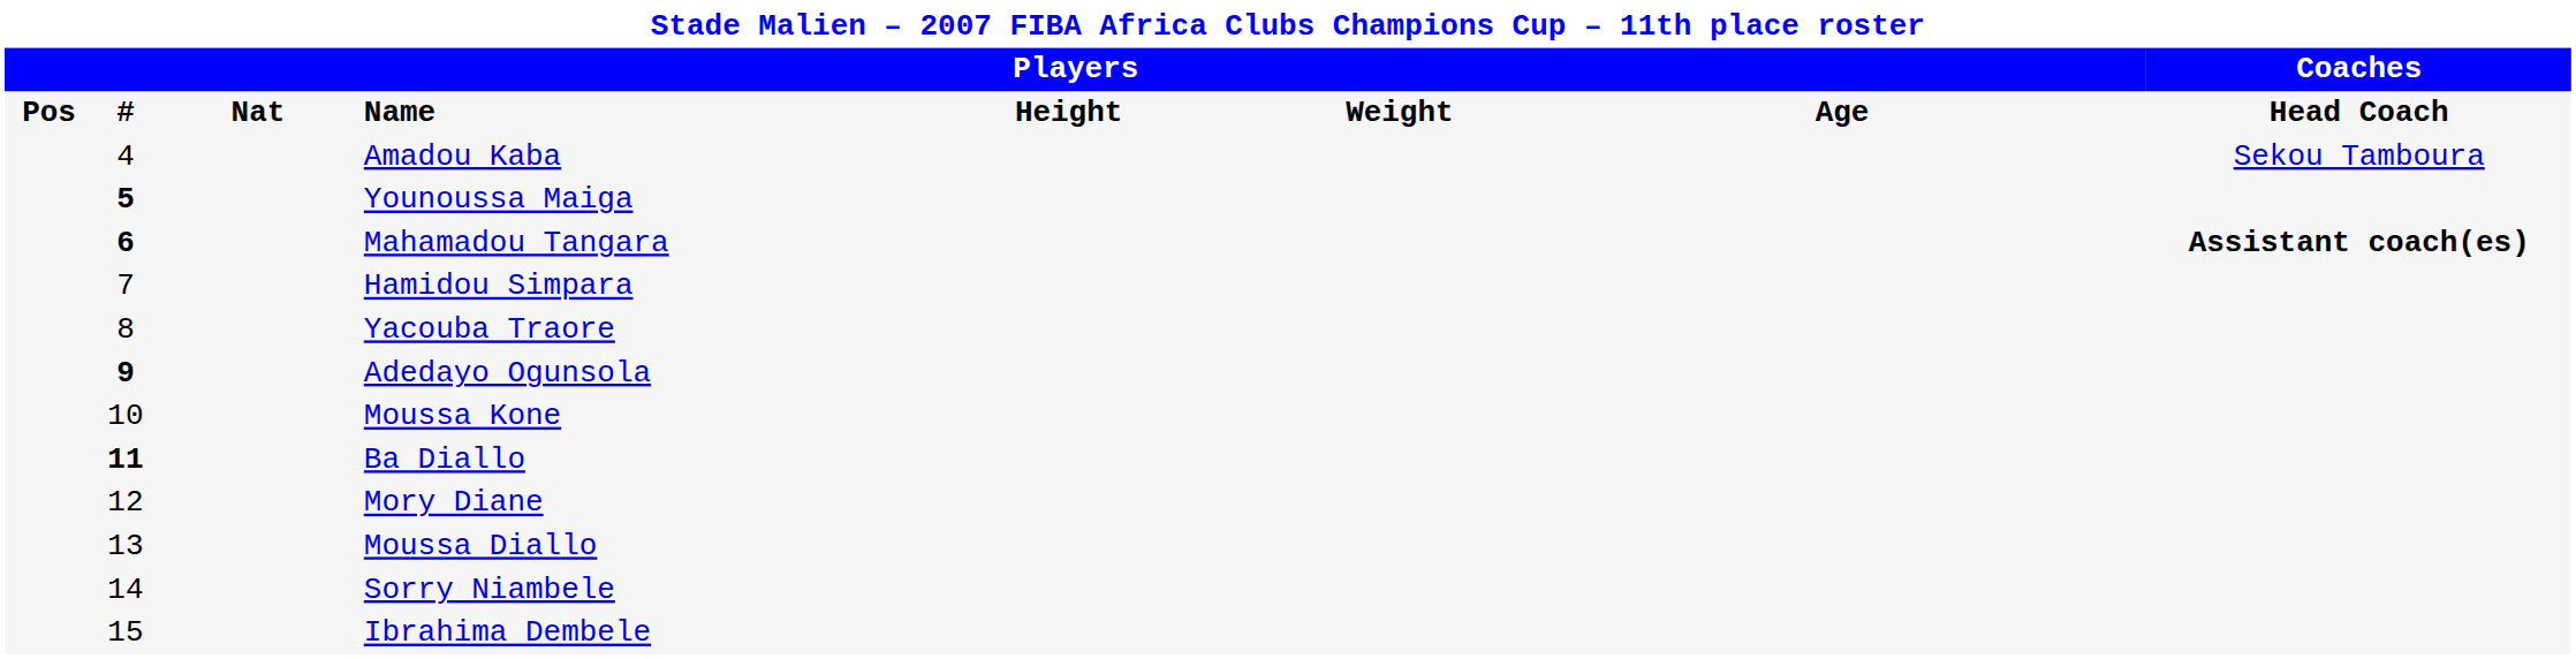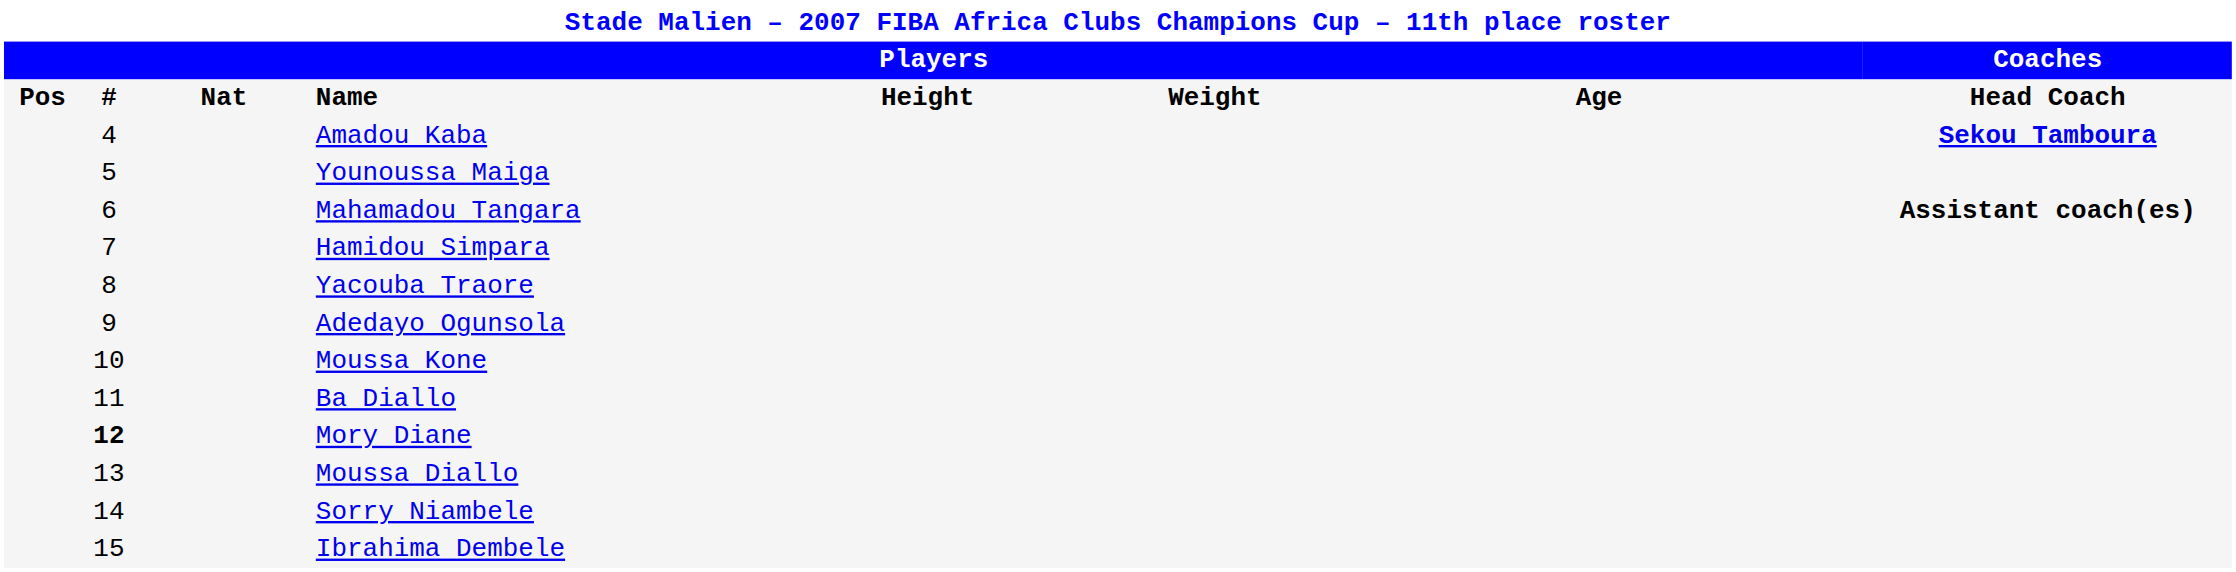 <table border=0 cellpadding=2 cellspacing=0  |- bgcolor=#f5f5f5 style="text-align:center; font-size:85%;" width=75%>
 <tr>
 <td colspan="8" style="background: white; color: blue"><strong>Stade Malien – 2007 FIBA Africa Clubs Champions Cup – 11th place roster</strong></td>
 </tr>
 <tr>
 <td colspan="7" style="background: blue; color: white"><strong>Players</strong></td>
 <td style="background: blue; color: white"><strong>Coaches</strong></td>
 </tr>
 <tr style="background=#f5f5f5; color: black">
 <th width=5px>Pos</th>
 <th width=5px>#</th>
 <th width=50px>Nat</th>
 <th width=135px align=left>Name</th>
 <th width=100px>Height</th>
 <th width=70px>Weight</th>
 <th width=160px>Age</th>
 <th width=110px>Head Coach</th>
 </tr>
 <tr>
 <td></td>
 <td>4</td>
 <td></td>
 <td align=left><a href='#'>Amadou Kaba</a></td>
 <td></td>
 <td></td>
 <td><span></span></td>
-<td> <a href='#'>Sekou Tamboura</a></td>
+<td><strong> <a href='#'>Sekou Tamboura</a></strong></td>
 </tr>
 <tr>
 <td></td>
-<td><strong>5</strong></td>
+<td>5</td>
 <td></td>
 <td align=left><a href='#'>Younoussa Maiga</a></td>
 <td></td>
 <td></td>
 <td><span></span></td>
 </tr>
 <tr>
 <td></td>
-<td><strong>6</strong></td>
+<td>6</td>
 <td></td>
 <td align=left><a href='#'>Mahamadou Tangara</a></td>
 <td></td>
 <td></td>
 <td><span></span></td>
 <td><strong>Assistant coach(es)</strong></td>
 </tr>
 <tr>
 <td></td>
 <td>7</td>
 <td></td>
 <td align=left><a href='#'>Hamidou Simpara</a></td>
 <td></td>
 <td></td>
 <td><span></span></td>
 </tr>
 <tr>
 <td></td>
 <td>8</td>
 <td></td>
 <td align=left><a href='#'>Yacouba Traore</a></td>
 <td></td>
 <td></td>
 <td><span></span></td>
 </tr>
 <tr>
 <td></td>
-<td><strong>9</strong></td>
+<td>9</td>
 <td></td>
 <td align=left><a href='#'>Adedayo Ogunsola</a></td>
 <td></td>
 <td></td>
 <td><span></span></td>
 </tr>
 <tr>
 <td></td>
 <td>10</td>
 <td></td>
 <td align=left><a href='#'>Moussa Kone</a></td>
 <td></td>
 <td></td>
 <td><span></span></td>
 </tr>
 <tr>
 <td></td>
-<td><strong>11</strong></td>
+<td>11</td>
 <td></td>
 <td align=left><a href='#'>Ba Diallo</a></td>
 <td></td>
 <td></td>
 <td><span></span></td>
 </tr>
 <tr>
 <td></td>
-<td>12</td>
+<td><strong>12</strong></td>
 <td></td>
 <td align=left><a href='#'>Mory Diane</a></td>
 <td></td>
 <td></td>
 <td><span></span></td>
 </tr>
 <tr>
 <td></td>
 <td>13</td>
 <td></td>
 <td align=left><a href='#'>Moussa Diallo</a></td>
 <td></td>
 <td></td>
 <td><span></span></td>
 </tr>
 <tr>
 <td></td>
 <td>14</td>
 <td></td>
 <td align=left><a href='#'>Sorry Niambele</a></td>
 <td></td>
 <td></td>
 <td><span></span></td>
 </tr>
 <tr>
 <td></td>
 <td>15</td>
 <td></td>
 <td align=left><a href='#'>Ibrahima Dembele</a></td>
 <td></td>
 <td></td>
 <td><span></span></td>
 </tr>
 </table>
